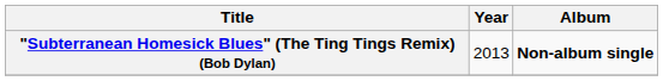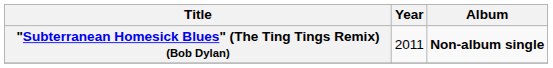 <table class="wikitable plainrowheaders" style="text-align:center;" border="1">
 <tr>
 <th scope="col" style="width:28em;">Title</th>
 <th scope="col">Year</th>
 <th scope="col">Album</th>
 </tr>
 <tr>
 <th scope="row">"<a href='#'>Subterranean Homesick Blues</a>" (The Ting Tings Remix)<br><small>(Bob Dylan)</small></th>
-<td rowspan="1">2013</td>
+<td rowspan="1">2011</td>
 <td><strong>Non-album single</strong></td>
 </tr>
 <tr>
 </tr>
 </table>
